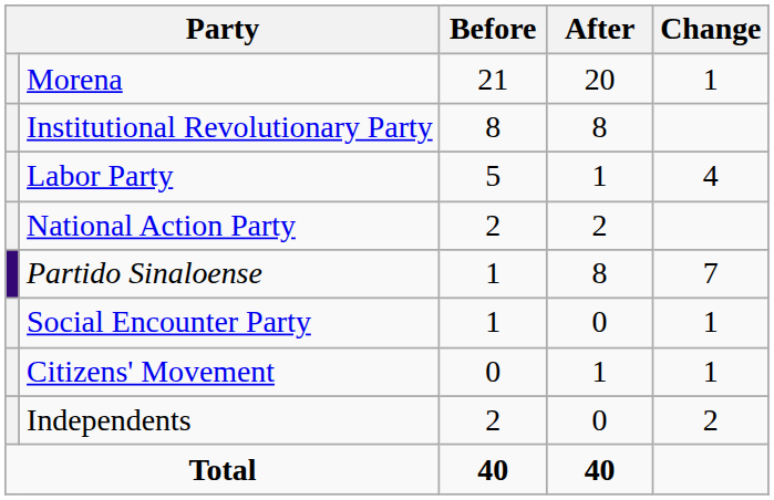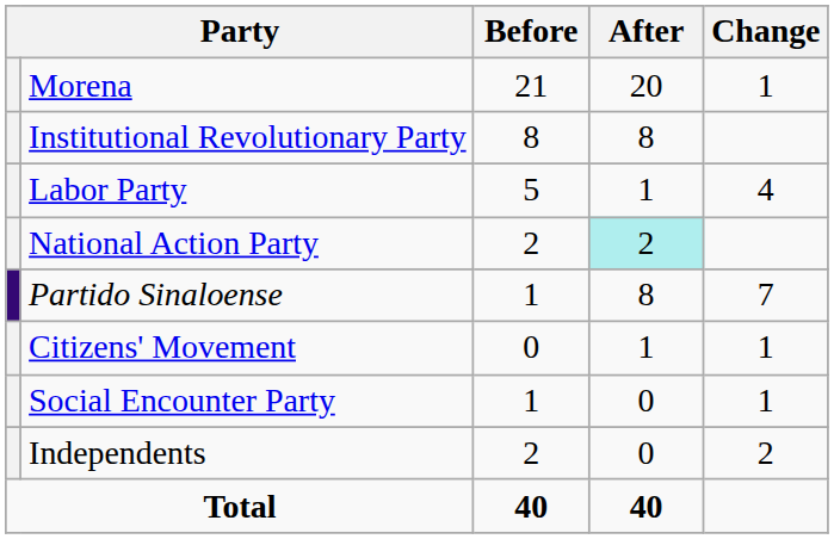 <table class="wikitable" style="text-align:center;">
 <tr>
 <th colspan="2">Party</th>
 <th style="width:3em">Before</th>
 <th style="width:3em">After</th>
 <th style="width:3em">Change</th>
 </tr>
 <tr>
 <th style="background-color:"></th>
 <td style="text-align:left;"><a href='#'>Morena</a></td>
 <td>21</td>
 <td>20</td>
 <td>1</td>
 </tr>
 <tr>
 <th style="background-color:"></th>
 <td style="text-align:left;"><a href='#'>Institutional Revolutionary Party</a></td>
 <td>8</td>
 <td>8</td>
 <td></td>
 </tr>
 <tr>
 <th style="background-color:"></th>
 <td style="text-align:left;"><a href='#'>Labor Party</a></td>
 <td>5</td>
 <td>1</td>
 <td>4</td>
 </tr>
 <tr>
 <th style="background-color:"></th>
 <td style="text-align:left;"><a href='#'>National Action Party</a></td>
 <td>2</td>
-<td>2</td>
+<td style="background: paleturquoise;">2</td>
 <td></td>
 </tr>
 <tr>
 <th style="background-color:#340874;"></th>
 <td style="text-align:left;"><em>Partido Sinaloense</em></td>
 <td>1</td>
 <td>8</td>
 <td>7</td>
 </tr>
 <tr>
 <th style="background-color:"></th>
-<td style="text-align:left;"><a href='#'>Social Encounter Party</a></td>
+<td style="text-align:left;"><a href='#'>Citizens' Movement</a></td>
+<td>0</td>
 <td>1</td>
-<td>0</td>
 <td>1</td>
 </tr>
 <tr>
 <th style="background-color:"></th>
-<td style="text-align:left;"><a href='#'>Citizens' Movement</a></td>
+<td style="text-align:left;"><a href='#'>Social Encounter Party</a></td>
+<td>1</td>
 <td>0</td>
-<td>1</td>
 <td>1</td>
 </tr>
 <tr>
 <th style="background-color:"></th>
 <td style="text-align:left;">Independents</td>
 <td>2</td>
 <td>0</td>
 <td>2</td>
 </tr>
 <tr>
 <td colspan="2"><strong>Total</strong></td>
 <td><strong>40</strong></td>
 <td><strong>40</strong></td>
 <td></td>
 </tr>
 </table>
